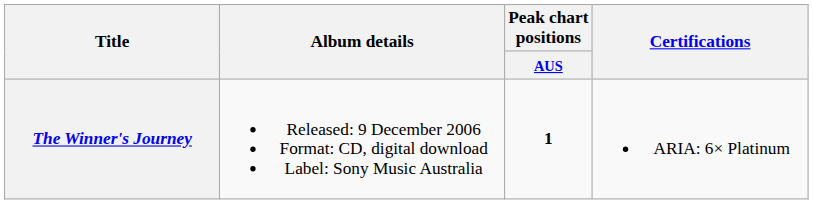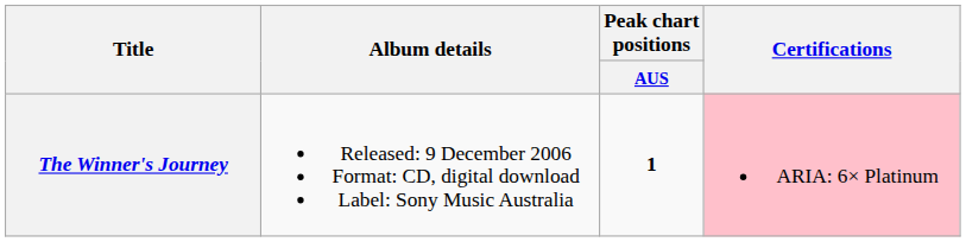 <table class="wikitable plainrowheaders" style="text-align:center;" border="1">
 <tr>
 <th scope="col" rowspan="2" style="width:12em;">Title</th>
 <th scope="col" rowspan="2" style="width:16em;">Album details</th>
 <th scope="col" colspan="1">Peak chart<br>positions</th>
 <th scope="col" rowspan="2" style="width:12em;"><a href='#'>Certifications</a></th>
 </tr>
 <tr>
 <th scope="col" style="text-align:center;"><small><a href='#'>AUS</a><br></small></th>
 </tr>
 <tr>
 <th scope="row"><em><a href='#'>The Winner's Journey</a></em></th>
 <td><br><ul><li>Released: 9 December 2006</li><li>Format: CD, digital download</li><li>Label: Sony Music Australia</li></ul></td>
 <td><strong>1</strong></td>
-<td><br><ul><li>ARIA: 6× Platinum</li></ul></td>
+<td style="background: pink;"><br><ul><li>ARIA: 6× Platinum</li></ul></td>
 </tr>
 </table>
